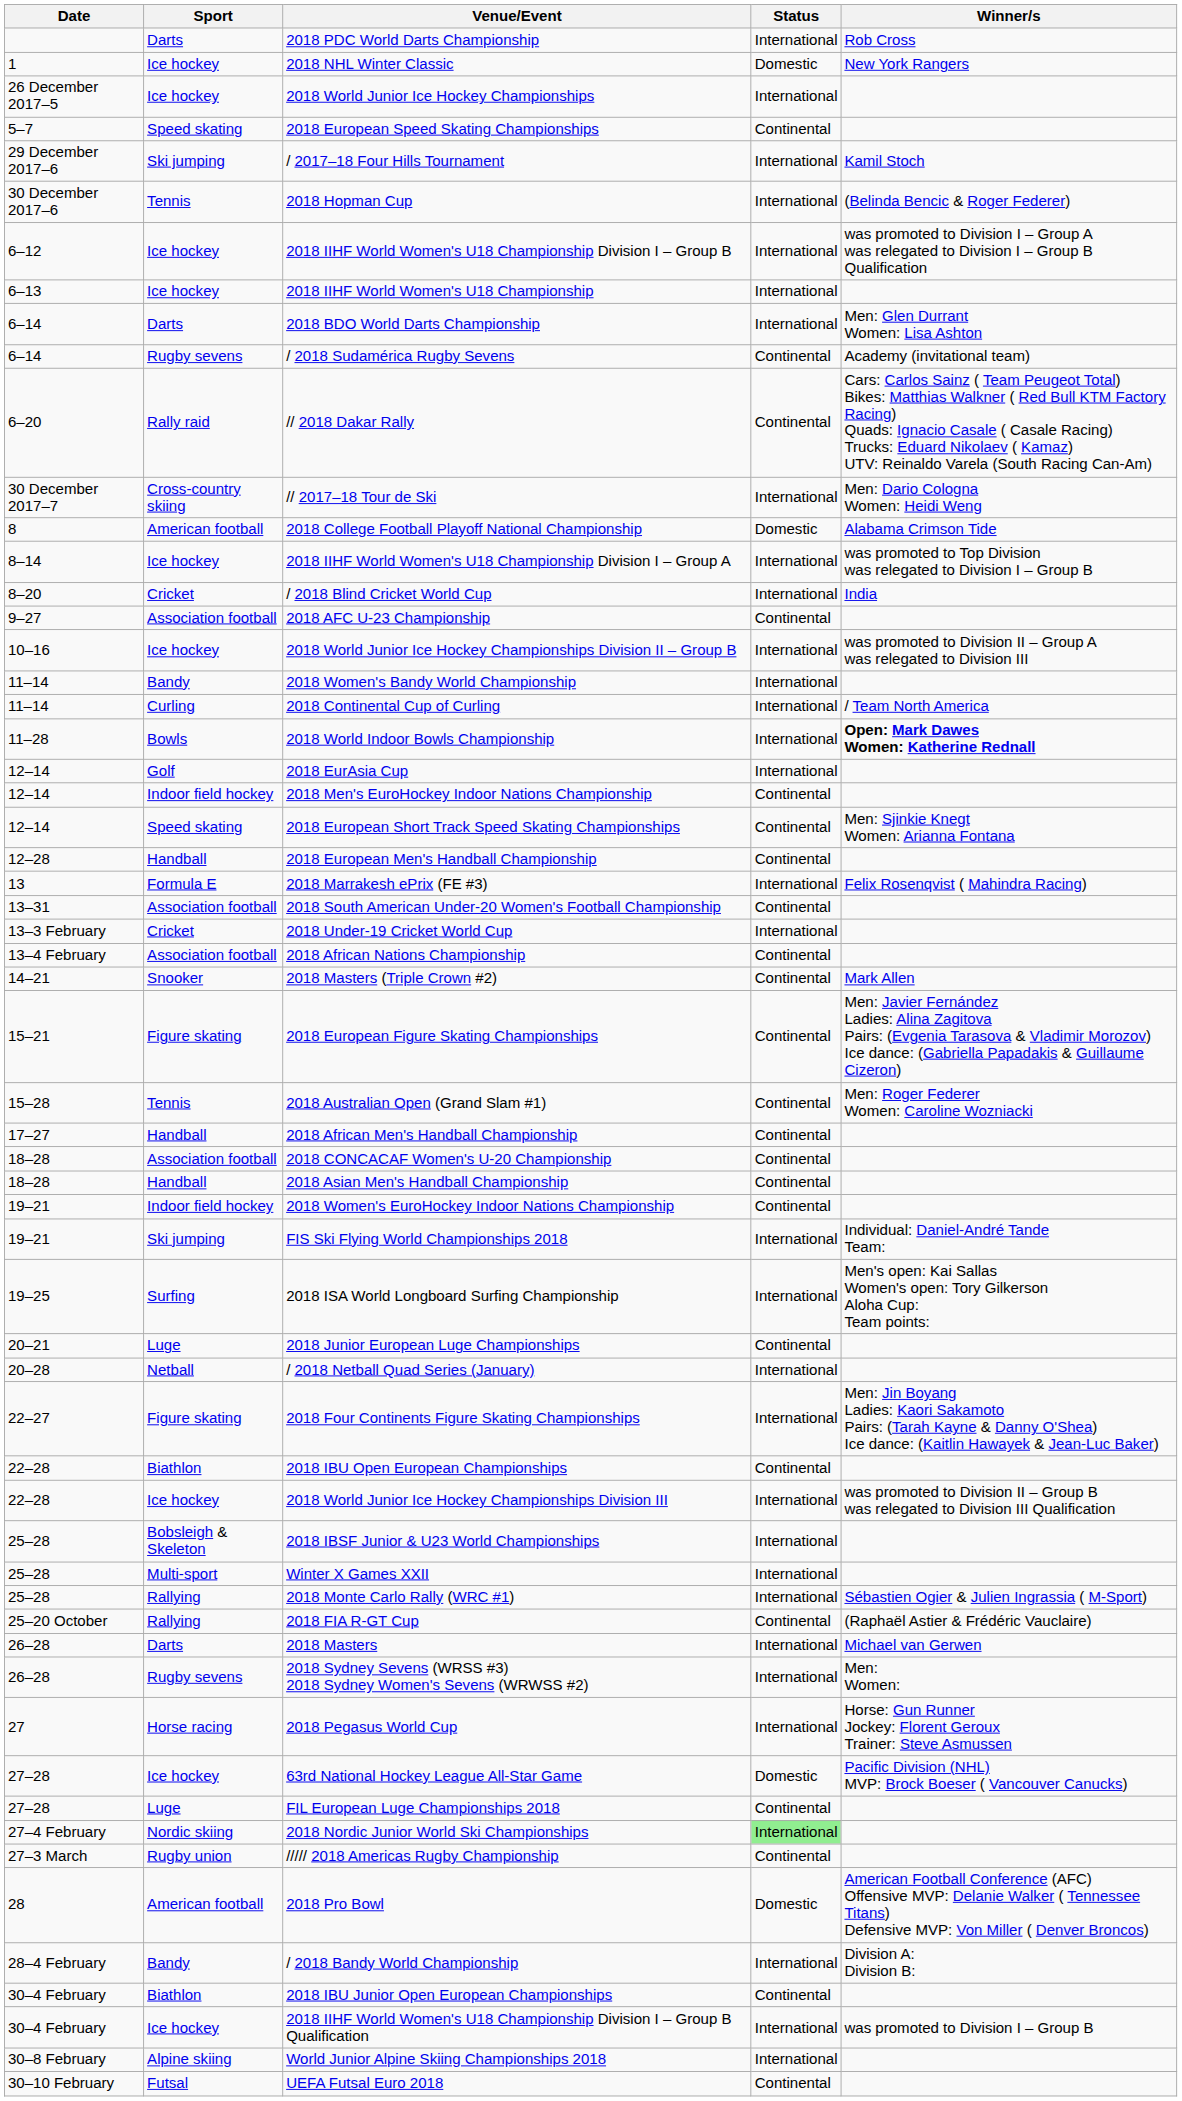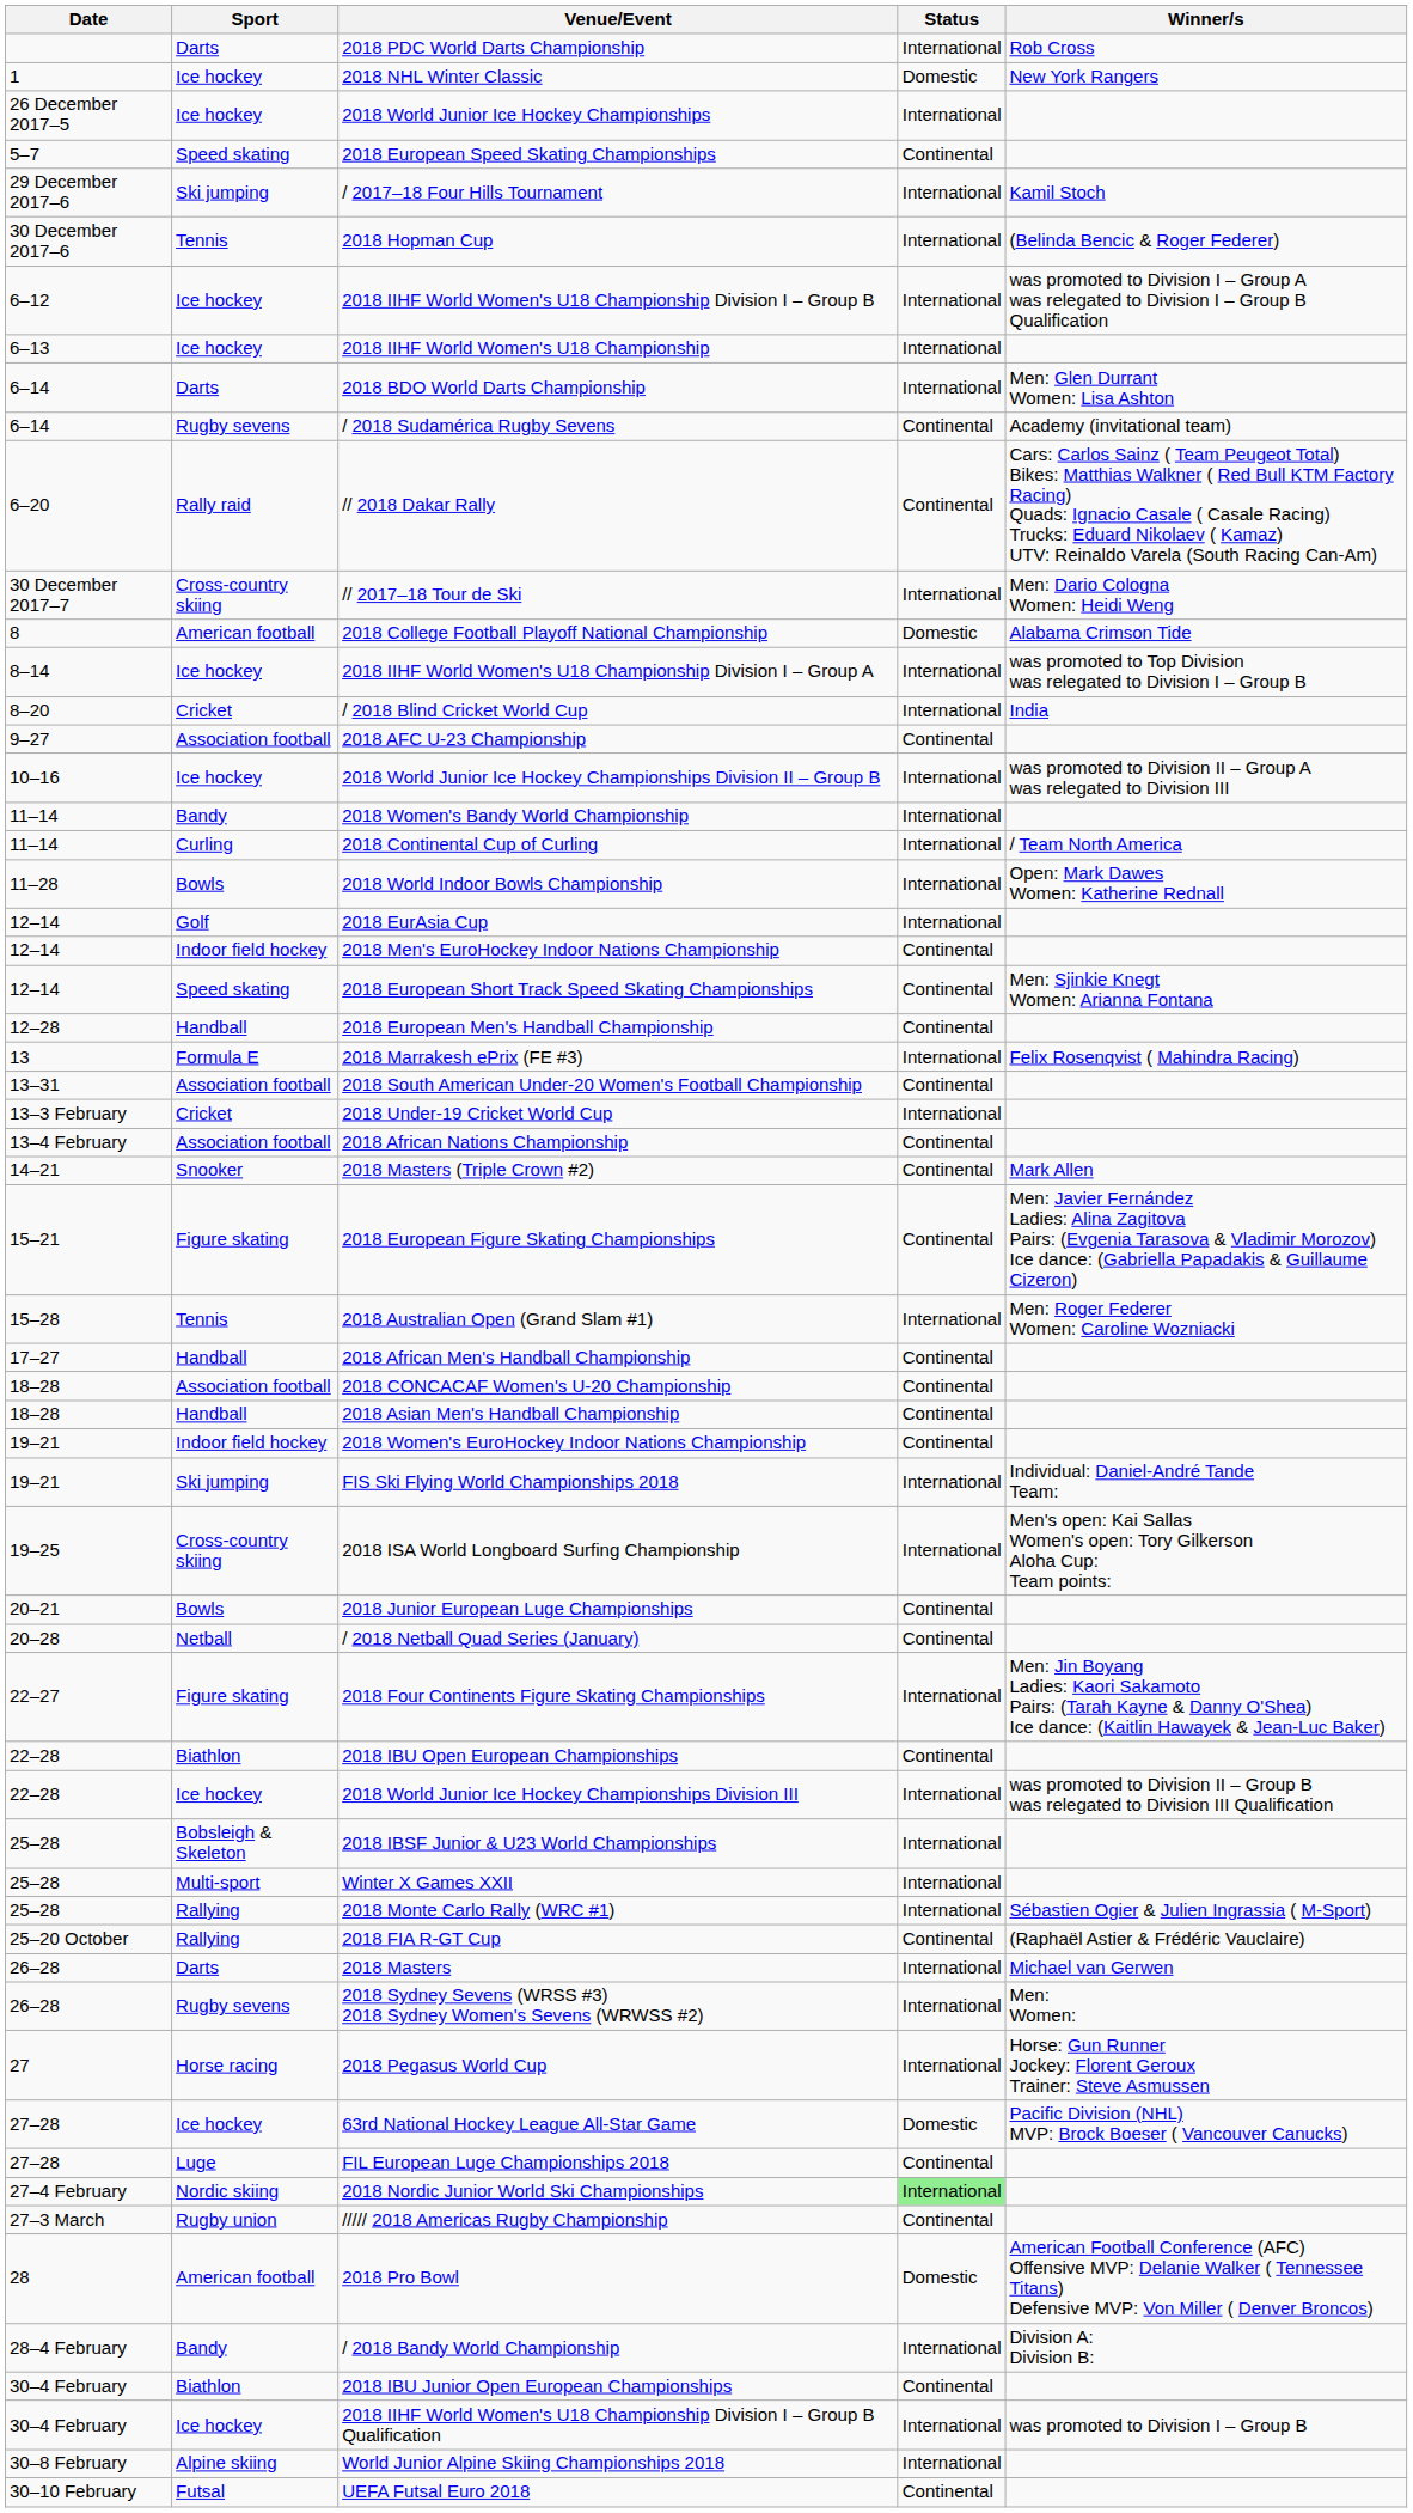 <table class="wikitable sortable">
 <tr>
 <th>Date</th>
 <th>Sport</th>
 <th>Venue/Event</th>
 <th>Status</th>
 <th>Winner/s</th>
 </tr>
 <tr>
 <td></td>
 <td><a href='#'>Darts</a></td>
 <td> <a href='#'>2018 PDC World Darts Championship</a></td>
 <td>International</td>
 <td> <a href='#'>Rob Cross</a></td>
 </tr>
 <tr>
 <td>1</td>
 <td><a href='#'>Ice hockey</a></td>
 <td> <a href='#'>2018 NHL Winter Classic</a></td>
 <td>Domestic</td>
 <td> <a href='#'>New York Rangers</a></td>
 </tr>
 <tr>
 <td>26 December 2017–5</td>
 <td><a href='#'>Ice hockey</a></td>
 <td> <a href='#'>2018 World Junior Ice Hockey Championships</a></td>
 <td>International</td>
 <td></td>
 </tr>
 <tr>
 <td>5–7</td>
 <td><a href='#'>Speed skating</a></td>
 <td> <a href='#'>2018 European Speed Skating Championships</a></td>
 <td>Continental</td>
 <td></td>
 </tr>
 <tr>
 <td>29 December 2017–6</td>
 <td><a href='#'>Ski jumping</a></td>
 <td>/ <a href='#'>2017–18 Four Hills Tournament</a></td>
 <td>International</td>
 <td> <a href='#'>Kamil Stoch</a></td>
 </tr>
 <tr>
 <td>30 December 2017–6</td>
 <td><a href='#'>Tennis</a></td>
 <td> <a href='#'>2018 Hopman Cup</a></td>
 <td>International</td>
 <td> (<a href='#'>Belinda Bencic</a> & <a href='#'>Roger Federer</a>)</td>
 </tr>
 <tr>
 <td>6–12</td>
 <td><a href='#'>Ice hockey</a></td>
 <td> <a href='#'>2018 IIHF World Women's U18 Championship</a> Division I – Group B</td>
 <td>International</td>
 <td> was promoted to Division I – Group A<br> was relegated to Division I – Group B Qualification</td>
 </tr>
 <tr>
 <td>6–13</td>
 <td><a href='#'>Ice hockey</a></td>
 <td> <a href='#'>2018 IIHF World Women's U18 Championship</a></td>
 <td>International</td>
 <td></td>
 </tr>
 <tr>
 <td>6–14</td>
 <td><a href='#'>Darts</a></td>
 <td> <a href='#'>2018 BDO World Darts Championship</a></td>
 <td>International</td>
 <td>Men:  <a href='#'>Glen Durrant</a><br>Women:  <a href='#'>Lisa Ashton</a></td>
 </tr>
 <tr>
 <td>6–14</td>
 <td><a href='#'>Rugby sevens</a></td>
 <td>/ <a href='#'>2018 Sudamérica Rugby Sevens</a></td>
 <td>Continental</td>
 <td> Academy (invitational team)</td>
 </tr>
 <tr>
 <td>6–20</td>
 <td><a href='#'>Rally raid</a></td>
 <td>// <a href='#'>2018 Dakar Rally</a></td>
 <td>Continental</td>
 <td>Cars:  <a href='#'>Carlos Sainz</a> ( <a href='#'>Team Peugeot Total</a>)<br>Bikes:  <a href='#'>Matthias Walkner</a> ( <a href='#'>Red Bull KTM Factory Racing</a>)<br>Quads:  <a href='#'>Ignacio Casale</a> ( Casale Racing)<br>Trucks:  <a href='#'>Eduard Nikolaev</a> ( <a href='#'>Kamaz</a>)<br>UTV:  Reinaldo Varela (South Racing Can-Am)</td>
 </tr>
 <tr>
 <td>30 December 2017–7</td>
 <td><a href='#'>Cross-country skiing</a></td>
 <td>// <a href='#'>2017–18 Tour de Ski</a></td>
 <td>International</td>
 <td>Men:  <a href='#'>Dario Cologna</a><br>Women:  <a href='#'>Heidi Weng</a></td>
 </tr>
 <tr>
 <td>8</td>
 <td><a href='#'>American football</a></td>
 <td> <a href='#'>2018 College Football Playoff National Championship</a></td>
 <td>Domestic</td>
 <td> <a href='#'>Alabama Crimson Tide</a></td>
 </tr>
 <tr>
 <td>8–14</td>
 <td><a href='#'>Ice hockey</a></td>
 <td> <a href='#'>2018 IIHF World Women's U18 Championship</a> Division I – Group A</td>
 <td>International</td>
 <td> was promoted to Top Division<br> was relegated to Division I – Group B</td>
 </tr>
 <tr>
 <td>8–20</td>
 <td><a href='#'>Cricket</a></td>
 <td>/ <a href='#'>2018 Blind Cricket World Cup</a></td>
 <td>International</td>
 <td> <a href='#'>India</a></td>
 </tr>
 <tr>
 <td>9–27</td>
 <td><a href='#'>Association football</a></td>
 <td> <a href='#'>2018 AFC U-23 Championship</a></td>
 <td>Continental</td>
 <td></td>
 </tr>
 <tr>
 <td>10–16</td>
 <td><a href='#'>Ice hockey</a></td>
 <td> <a href='#'>2018 World Junior Ice Hockey Championships Division II – Group B</a></td>
 <td>International</td>
 <td> was promoted to Division II – Group A<br> was relegated to Division III</td>
 </tr>
 <tr>
 <td>11–14</td>
 <td><a href='#'>Bandy</a></td>
 <td> <a href='#'>2018 Women's Bandy World Championship</a></td>
 <td>International</td>
 <td></td>
 </tr>
 <tr>
 <td>11–14</td>
 <td><a href='#'>Curling</a></td>
 <td> <a href='#'>2018 Continental Cup of Curling</a></td>
 <td>International</td>
 <td>/ <a href='#'>Team North America</a></td>
 </tr>
 <tr>
 <td>11–28</td>
 <td><a href='#'>Bowls</a></td>
 <td> <a href='#'>2018 World Indoor Bowls Championship</a></td>
 <td>International</td>
-<td><strong>Open:  <a href='#'>Mark Dawes</a><br>Women:  <a href='#'>Katherine Rednall</a></strong></td>
+<td>Open:  <a href='#'>Mark Dawes</a><br>Women:  <a href='#'>Katherine Rednall</a></td>
 </tr>
 <tr>
 <td>12–14</td>
 <td><a href='#'>Golf</a></td>
 <td> <a href='#'>2018 EurAsia Cup</a></td>
 <td>International</td>
 <td></td>
 </tr>
 <tr>
 <td>12–14</td>
 <td><a href='#'>Indoor field hockey</a></td>
 <td> <a href='#'>2018 Men's EuroHockey Indoor Nations Championship</a></td>
 <td>Continental</td>
 <td></td>
 </tr>
 <tr>
 <td>12–14</td>
 <td><a href='#'>Speed skating</a></td>
 <td> <a href='#'>2018 European Short Track Speed Skating Championships</a></td>
 <td>Continental</td>
 <td>Men:  <a href='#'>Sjinkie Knegt</a><br>Women:  <a href='#'>Arianna Fontana</a></td>
 </tr>
 <tr>
 <td>12–28</td>
 <td><a href='#'>Handball</a></td>
 <td> <a href='#'>2018 European Men's Handball Championship</a></td>
 <td>Continental</td>
 <td></td>
 </tr>
 <tr>
 <td>13</td>
 <td><a href='#'>Formula E</a></td>
 <td> <a href='#'>2018 Marrakesh ePrix</a> (FE #3)</td>
 <td>International</td>
 <td> <a href='#'>Felix Rosenqvist</a> ( <a href='#'>Mahindra Racing</a>)</td>
 </tr>
 <tr>
 <td>13–31</td>
 <td><a href='#'>Association football</a></td>
 <td> <a href='#'>2018 South American Under-20 Women's Football Championship</a></td>
 <td>Continental</td>
 <td></td>
 </tr>
 <tr>
 <td>13–3 February</td>
 <td><a href='#'>Cricket</a></td>
 <td> <a href='#'>2018 Under-19 Cricket World Cup</a></td>
 <td>International</td>
 <td></td>
 </tr>
 <tr>
 <td>13–4 February</td>
 <td><a href='#'>Association football</a></td>
 <td> <a href='#'>2018 African Nations Championship</a></td>
 <td>Continental</td>
 <td></td>
 </tr>
 <tr>
 <td>14–21</td>
 <td><a href='#'>Snooker</a></td>
 <td> <a href='#'>2018 Masters</a> (<a href='#'>Triple Crown</a> #2)</td>
 <td>Continental</td>
 <td> <a href='#'>Mark Allen</a></td>
 </tr>
 <tr>
 <td>15–21</td>
 <td><a href='#'>Figure skating</a></td>
 <td> <a href='#'>2018 European Figure Skating Championships</a></td>
 <td>Continental</td>
 <td>Men:  <a href='#'>Javier Fernández</a><br>Ladies:  <a href='#'>Alina Zagitova</a><br>Pairs:  (<a href='#'>Evgenia Tarasova</a> & <a href='#'>Vladimir Morozov</a>)<br>Ice dance:  (<a href='#'>Gabriella Papadakis</a> & <a href='#'>Guillaume Cizeron</a>)</td>
 </tr>
 <tr>
 <td>15–28</td>
 <td><a href='#'>Tennis</a></td>
 <td> <a href='#'>2018 Australian Open</a> (Grand Slam #1)</td>
-<td>Continental</td>
+<td>International</td>
 <td>Men:  <a href='#'>Roger Federer</a><br>Women:  <a href='#'>Caroline Wozniacki</a></td>
 </tr>
 <tr>
 <td>17–27</td>
 <td><a href='#'>Handball</a></td>
 <td> <a href='#'>2018 African Men's Handball Championship</a></td>
 <td>Continental</td>
 <td></td>
 </tr>
 <tr>
 <td>18–28</td>
 <td><a href='#'>Association football</a></td>
 <td> <a href='#'>2018 CONCACAF Women's U-20 Championship</a></td>
 <td>Continental</td>
 <td></td>
 </tr>
 <tr>
 <td>18–28</td>
 <td><a href='#'>Handball</a></td>
 <td> <a href='#'>2018 Asian Men's Handball Championship</a></td>
 <td>Continental</td>
 <td></td>
 </tr>
 <tr>
 <td>19–21</td>
 <td><a href='#'>Indoor field hockey</a></td>
 <td> <a href='#'>2018 Women's EuroHockey Indoor Nations Championship</a></td>
 <td>Continental</td>
 <td></td>
 </tr>
 <tr>
 <td>19–21</td>
 <td><a href='#'>Ski jumping</a></td>
 <td> <a href='#'>FIS Ski Flying World Championships 2018</a></td>
 <td>International</td>
 <td>Individual:  <a href='#'>Daniel-André Tande</a><br>Team: </td>
 </tr>
 <tr>
 <td>19–25</td>
-<td><a href='#'>Surfing</a></td>
+<td><a href='#'>Cross-country skiing</a></td>
 <td> 2018 ISA World Longboard Surfing Championship</td>
 <td>International</td>
 <td>Men's open:  Kai Sallas<br>Women's open:  Tory Gilkerson<br>Aloha Cup: <br>Team points: </td>
 </tr>
 <tr>
 <td>20–21</td>
-<td><a href='#'>Luge</a></td>
+<td><a href='#'>Bowls</a></td>
 <td> <a href='#'>2018 Junior European Luge Championships</a></td>
 <td>Continental</td>
 <td></td>
 </tr>
 <tr>
 <td>20–28</td>
 <td><a href='#'>Netball</a></td>
 <td>/ <a href='#'>2018 Netball Quad Series (January)</a></td>
-<td>International</td>
+<td>Continental</td>
 <td></td>
 </tr>
 <tr>
 <td>22–27</td>
 <td><a href='#'>Figure skating</a></td>
 <td> <a href='#'>2018 Four Continents Figure Skating Championships</a></td>
 <td>International</td>
 <td>Men:  <a href='#'>Jin Boyang</a><br>Ladies:  <a href='#'>Kaori Sakamoto</a><br>Pairs:  (<a href='#'>Tarah Kayne</a> & <a href='#'>Danny O'Shea</a>)<br>Ice dance:  (<a href='#'>Kaitlin Hawayek</a> & <a href='#'>Jean-Luc Baker</a>)</td>
 </tr>
 <tr>
 <td>22–28</td>
 <td><a href='#'>Biathlon</a></td>
 <td> <a href='#'>2018 IBU Open European Championships</a></td>
 <td>Continental</td>
 <td></td>
 </tr>
 <tr>
 <td>22–28</td>
 <td><a href='#'>Ice hockey</a></td>
 <td> <a href='#'>2018 World Junior Ice Hockey Championships Division III</a></td>
 <td>International</td>
 <td> was promoted to Division II – Group B<br> was relegated to Division III Qualification</td>
 </tr>
 <tr>
 <td>25–28</td>
 <td><a href='#'>Bobsleigh</a> & <a href='#'>Skeleton</a></td>
 <td> <a href='#'>2018 IBSF Junior & U23 World Championships</a></td>
 <td>International</td>
 <td></td>
 </tr>
 <tr>
 <td>25–28</td>
 <td><a href='#'>Multi-sport</a></td>
 <td> <a href='#'>Winter X Games XXII</a></td>
 <td>International</td>
 <td></td>
 </tr>
 <tr>
 <td>25–28</td>
 <td><a href='#'>Rallying</a></td>
 <td> <a href='#'>2018 Monte Carlo Rally</a> (<a href='#'>WRC #1</a>)</td>
 <td>International</td>
 <td> <a href='#'>Sébastien Ogier</a> & <a href='#'>Julien Ingrassia</a> ( <a href='#'>M-Sport</a>)</td>
 </tr>
 <tr>
 <td>25–20 October</td>
 <td><a href='#'>Rallying</a></td>
 <td> <a href='#'>2018 FIA R-GT Cup</a></td>
 <td>Continental</td>
 <td> (Raphaël Astier & Frédéric Vauclaire)</td>
 </tr>
 <tr>
 <td>26–28</td>
 <td><a href='#'>Darts</a></td>
 <td> <a href='#'>2018 Masters</a></td>
 <td>International</td>
 <td> <a href='#'>Michael van Gerwen</a></td>
 </tr>
 <tr>
 <td>26–28</td>
 <td><a href='#'>Rugby sevens</a></td>
 <td> <a href='#'>2018 Sydney Sevens</a> (WRSS #3)<br> <a href='#'>2018 Sydney Women's Sevens</a> (WRWSS #2)</td>
 <td>International</td>
 <td>Men: <br>Women: </td>
 </tr>
 <tr>
 <td>27</td>
 <td><a href='#'>Horse racing</a></td>
 <td> <a href='#'>2018 Pegasus World Cup</a></td>
 <td>International</td>
 <td>Horse:  <a href='#'>Gun Runner</a><br>Jockey:  <a href='#'>Florent Geroux</a><br>Trainer:  <a href='#'>Steve Asmussen</a></td>
 </tr>
 <tr>
 <td>27–28</td>
 <td><a href='#'>Ice hockey</a></td>
 <td> <a href='#'>63rd National Hockey League All-Star Game</a></td>
 <td>Domestic</td>
 <td><a href='#'>Pacific Division (NHL)</a><br>MVP:  <a href='#'>Brock Boeser</a> ( <a href='#'>Vancouver Canucks</a>)</td>
 </tr>
 <tr>
 <td>27–28</td>
 <td><a href='#'>Luge</a></td>
 <td> <a href='#'>FIL European Luge Championships 2018</a></td>
 <td>Continental</td>
 <td></td>
 </tr>
 <tr>
 <td>27–4 February</td>
 <td><a href='#'>Nordic skiing</a></td>
 <td> <a href='#'>2018 Nordic Junior World Ski Championships</a></td>
 <td style="background: lightgreen;">International</td>
 <td></td>
 </tr>
 <tr>
 <td>27–3 March</td>
 <td><a href='#'>Rugby union</a></td>
 <td>///// <a href='#'>2018 Americas Rugby Championship</a></td>
 <td>Continental</td>
 <td></td>
 </tr>
 <tr>
 <td>28</td>
 <td><a href='#'>American football</a></td>
 <td> <a href='#'>2018 Pro Bowl</a></td>
 <td>Domestic</td>
 <td><a href='#'>American Football Conference</a> (AFC)<br>Offensive MVP:  <a href='#'>Delanie Walker</a> ( <a href='#'>Tennessee Titans</a>)<br>Defensive MVP:  <a href='#'>Von Miller</a> ( <a href='#'>Denver Broncos</a>)</td>
 </tr>
 <tr>
 <td>28–4 February</td>
 <td><a href='#'>Bandy</a></td>
 <td>/ <a href='#'>2018 Bandy World Championship</a></td>
 <td>International</td>
 <td>Division A: <br>Division B: </td>
 </tr>
 <tr>
 <td>30–4 February</td>
 <td><a href='#'>Biathlon</a></td>
 <td> <a href='#'>2018 IBU Junior Open European Championships</a></td>
 <td>Continental</td>
 <td></td>
 </tr>
 <tr>
 <td>30–4 February</td>
 <td><a href='#'>Ice hockey</a></td>
 <td> <a href='#'>2018 IIHF World Women's U18 Championship</a> Division I – Group B Qualification</td>
 <td>International</td>
 <td> was promoted to Division I – Group B</td>
 </tr>
 <tr>
 <td>30–8 February</td>
 <td><a href='#'>Alpine skiing</a></td>
 <td> <a href='#'>World Junior Alpine Skiing Championships 2018</a></td>
 <td>International</td>
 <td></td>
 </tr>
 <tr>
 <td>30–10 February</td>
 <td><a href='#'>Futsal</a></td>
 <td> <a href='#'>UEFA Futsal Euro 2018</a></td>
 <td>Continental</td>
 <td></td>
 </tr>
 </table>
